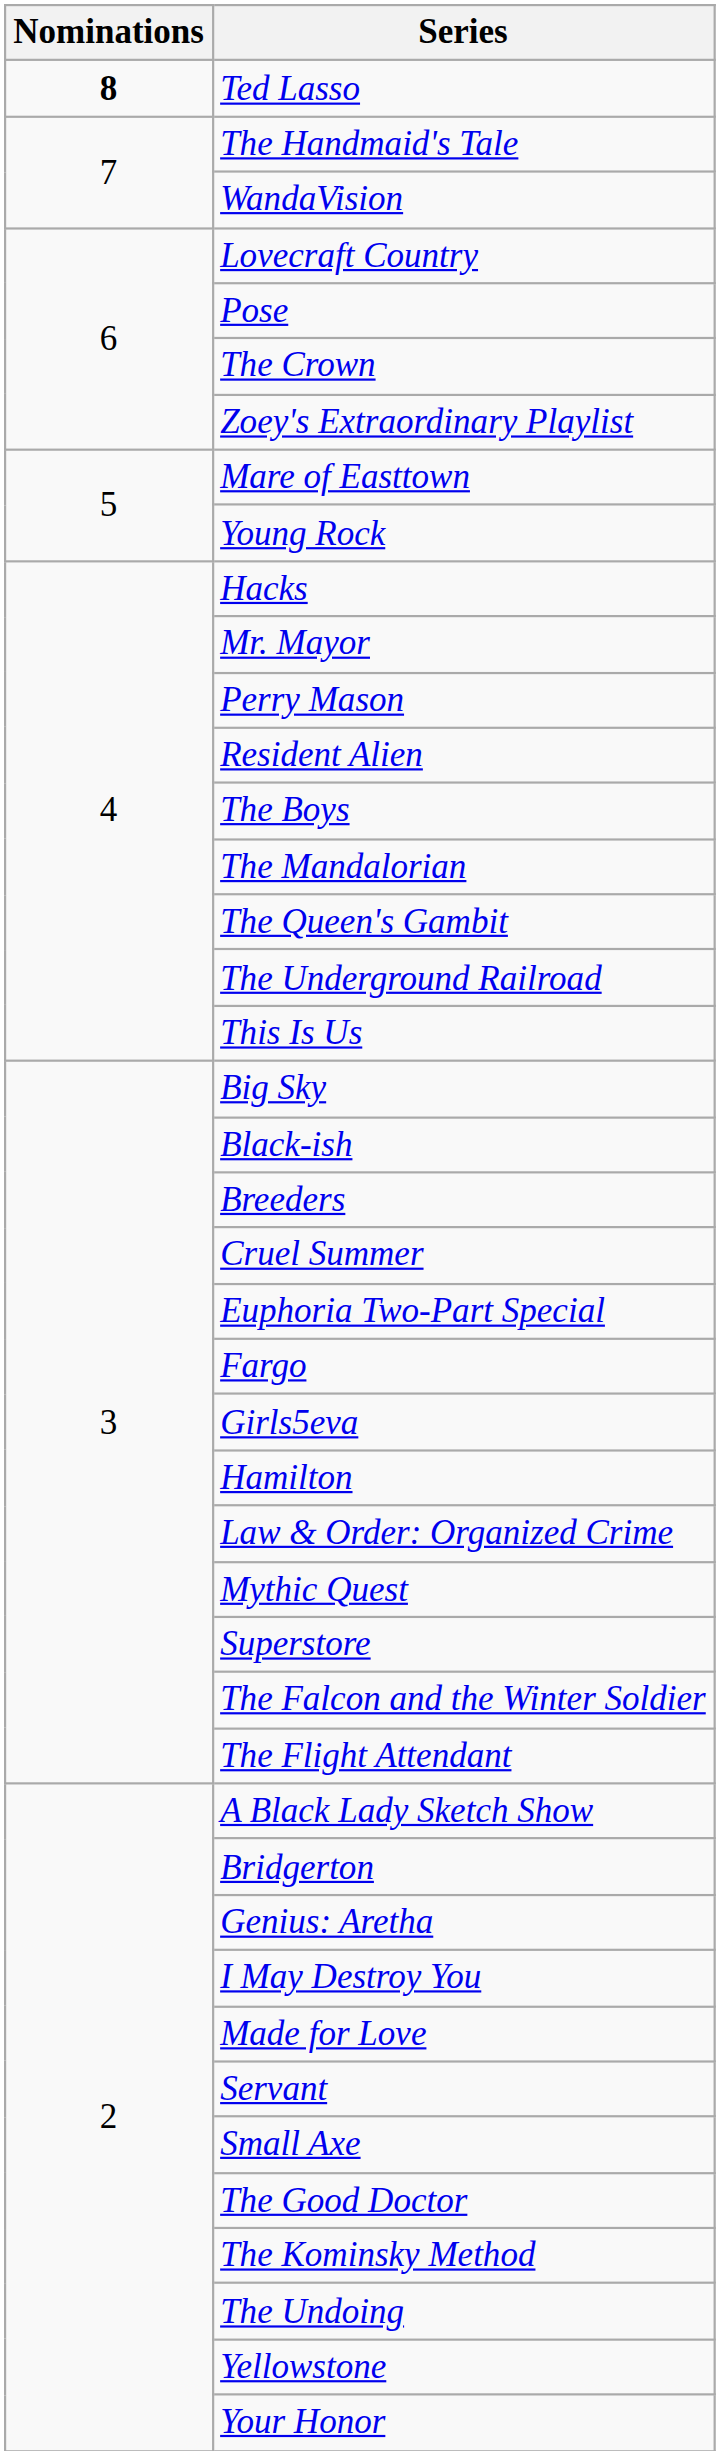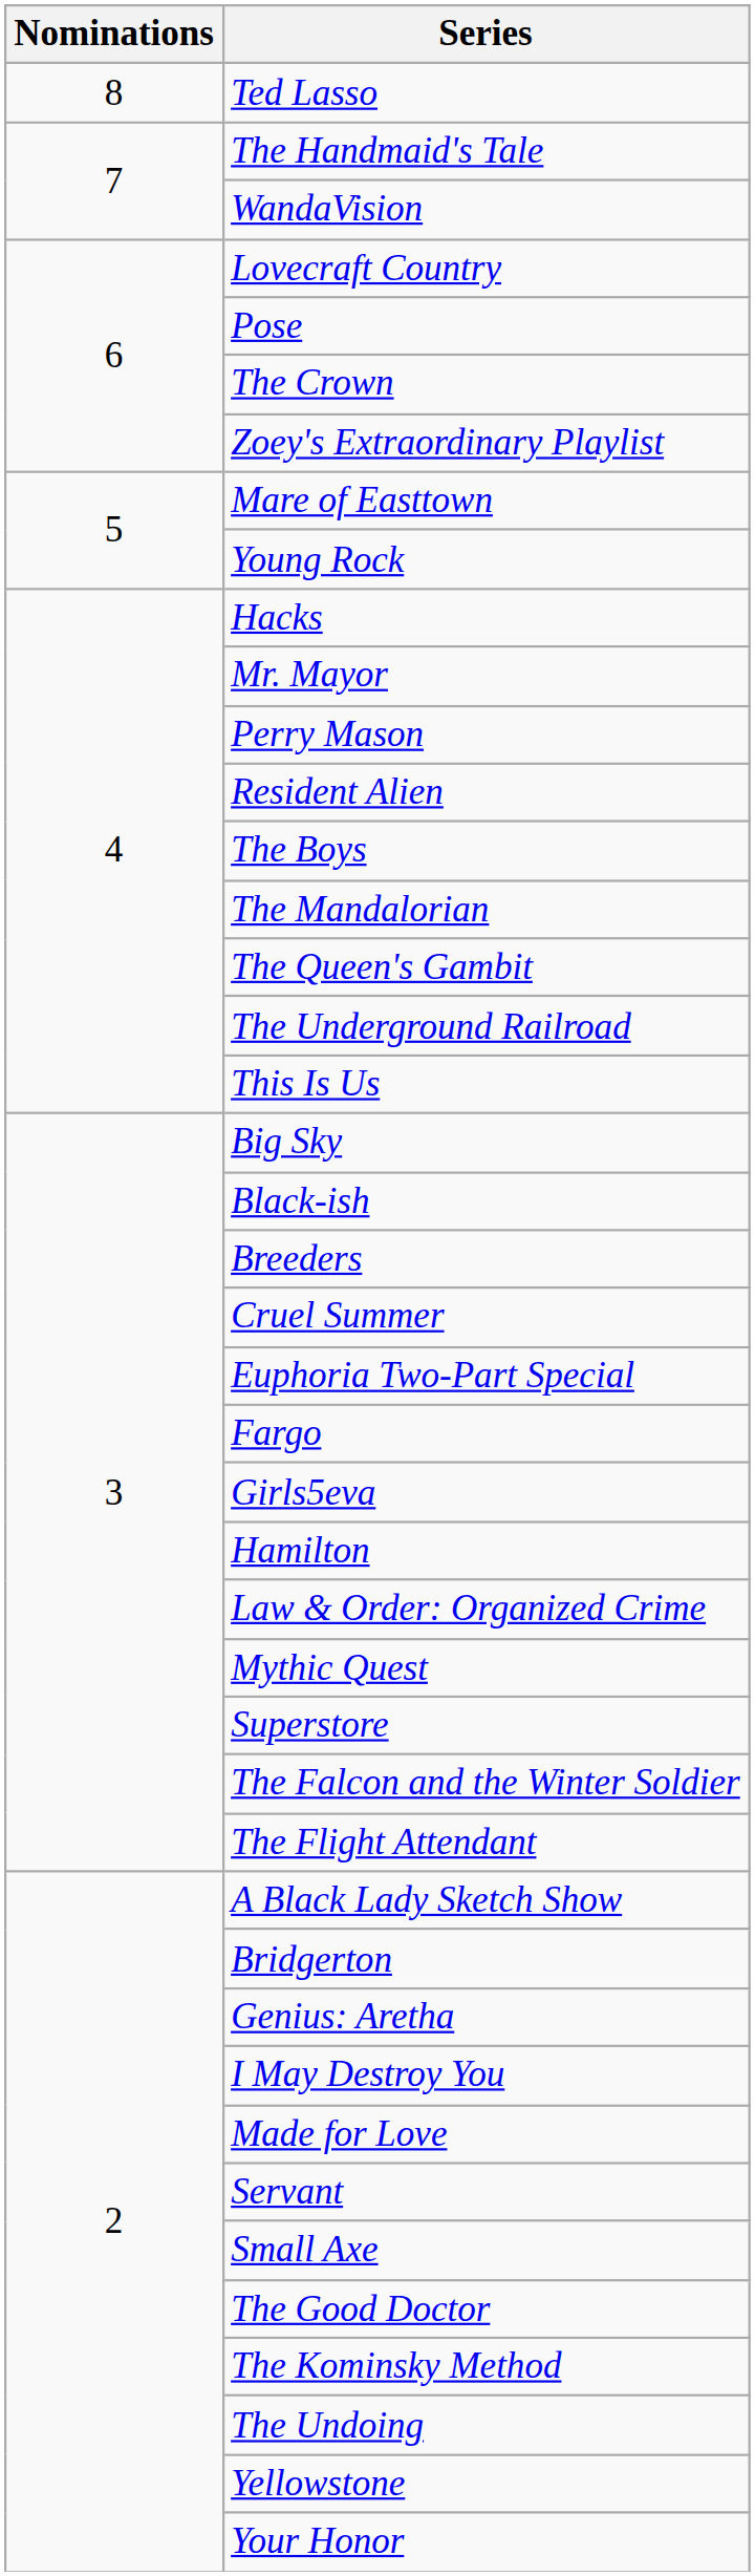 <table class="wikitable">
 <tr>
 <th scope="col" style="width:55px;">Nominations</th>
 <th scope="col" style="text-align:center;">Series</th>
 </tr>
 <tr>
-<td rowspan="1" style="text-align:center"><strong>8</strong></td>
+<td rowspan="1" style="text-align:center">8</td>
 <td><em><a href='#'>Ted Lasso</a></em></td>
 </tr>
 <tr>
 <td rowspan="2" style="text-align:center">7</td>
 <td><em><a href='#'>The Handmaid's Tale</a></em></td>
 </tr>
 <tr>
 <td><em><a href='#'>WandaVision</a></em></td>
 </tr>
 <tr>
 <td rowspan="4" style="text-align:center">6</td>
 <td><em><a href='#'>Lovecraft Country</a></em></td>
 </tr>
 <tr>
 <td><em><a href='#'>Pose</a></em></td>
 </tr>
 <tr>
 <td><em><a href='#'>The Crown</a></em></td>
 </tr>
 <tr>
 <td><em><a href='#'>Zoey's Extraordinary Playlist</a></em></td>
 </tr>
 <tr>
 <td rowspan="2" style="text-align:center">5</td>
 <td><em><a href='#'>Mare of Easttown</a></em></td>
 </tr>
 <tr>
 <td><em><a href='#'>Young Rock</a></em></td>
 </tr>
 <tr>
 <td rowspan="9" style="text-align:center">4</td>
 <td><em><a href='#'>Hacks</a></em></td>
 </tr>
 <tr>
 <td><em><a href='#'>Mr. Mayor</a></em></td>
 </tr>
 <tr>
 <td><em><a href='#'>Perry Mason</a></em></td>
 </tr>
 <tr>
 <td><em><a href='#'>Resident Alien</a></em></td>
 </tr>
 <tr>
 <td><em><a href='#'>The Boys</a></em></td>
 </tr>
 <tr>
 <td><em><a href='#'>The Mandalorian</a></em></td>
 </tr>
 <tr>
 <td><em><a href='#'>The Queen's Gambit</a></em></td>
 </tr>
 <tr>
 <td><em><a href='#'>The Underground Railroad</a></em></td>
 </tr>
 <tr>
 <td><em><a href='#'>This Is Us</a></em></td>
 </tr>
 <tr>
 <td rowspan="13" style="text-align:center">3</td>
 <td><em><a href='#'>Big Sky</a></em></td>
 </tr>
 <tr>
 <td><em><a href='#'>Black-ish</a></em></td>
 </tr>
 <tr>
 <td><em><a href='#'>Breeders</a></em></td>
 </tr>
 <tr>
 <td><em><a href='#'>Cruel Summer</a></em></td>
 </tr>
 <tr>
 <td><em><a href='#'>Euphoria Two-Part Special</a></em></td>
 </tr>
 <tr>
 <td><em><a href='#'>Fargo</a></em></td>
 </tr>
 <tr>
 <td><em><a href='#'>Girls5eva</a></em></td>
 </tr>
 <tr>
 <td><em><a href='#'>Hamilton</a></em></td>
 </tr>
 <tr>
 <td><em><a href='#'>Law & Order: Organized Crime</a></em></td>
 </tr>
 <tr>
 <td><em><a href='#'>Mythic Quest</a></em></td>
 </tr>
 <tr>
 <td><em><a href='#'>Superstore</a></em></td>
 </tr>
 <tr>
 <td><em><a href='#'>The Falcon and the Winter Soldier</a></em></td>
 </tr>
 <tr>
 <td><em><a href='#'>The Flight Attendant</a></em></td>
 </tr>
 <tr>
 <td rowspan="12" style="text-align:center">2</td>
 <td><em><a href='#'>A Black Lady Sketch Show</a></em></td>
 </tr>
 <tr>
 <td><em><a href='#'>Bridgerton</a></em></td>
 </tr>
 <tr>
 <td><em><a href='#'>Genius: Aretha</a></em></td>
 </tr>
 <tr>
 <td><em><a href='#'>I May Destroy You</a></em></td>
 </tr>
 <tr>
 <td><em><a href='#'>Made for Love</a></em></td>
 </tr>
 <tr>
 <td><em><a href='#'>Servant</a></em></td>
 </tr>
 <tr>
 <td><em><a href='#'>Small Axe</a></em></td>
 </tr>
 <tr>
 <td><em><a href='#'>The Good Doctor</a></em></td>
 </tr>
 <tr>
 <td><em><a href='#'>The Kominsky Method</a></em></td>
 </tr>
 <tr>
 <td><em><a href='#'>The Undoing</a></em></td>
 </tr>
 <tr>
 <td><em><a href='#'>Yellowstone</a></em></td>
 </tr>
 <tr>
 <td><em><a href='#'>Your Honor</a></em></td>
 </tr>
 </table>
